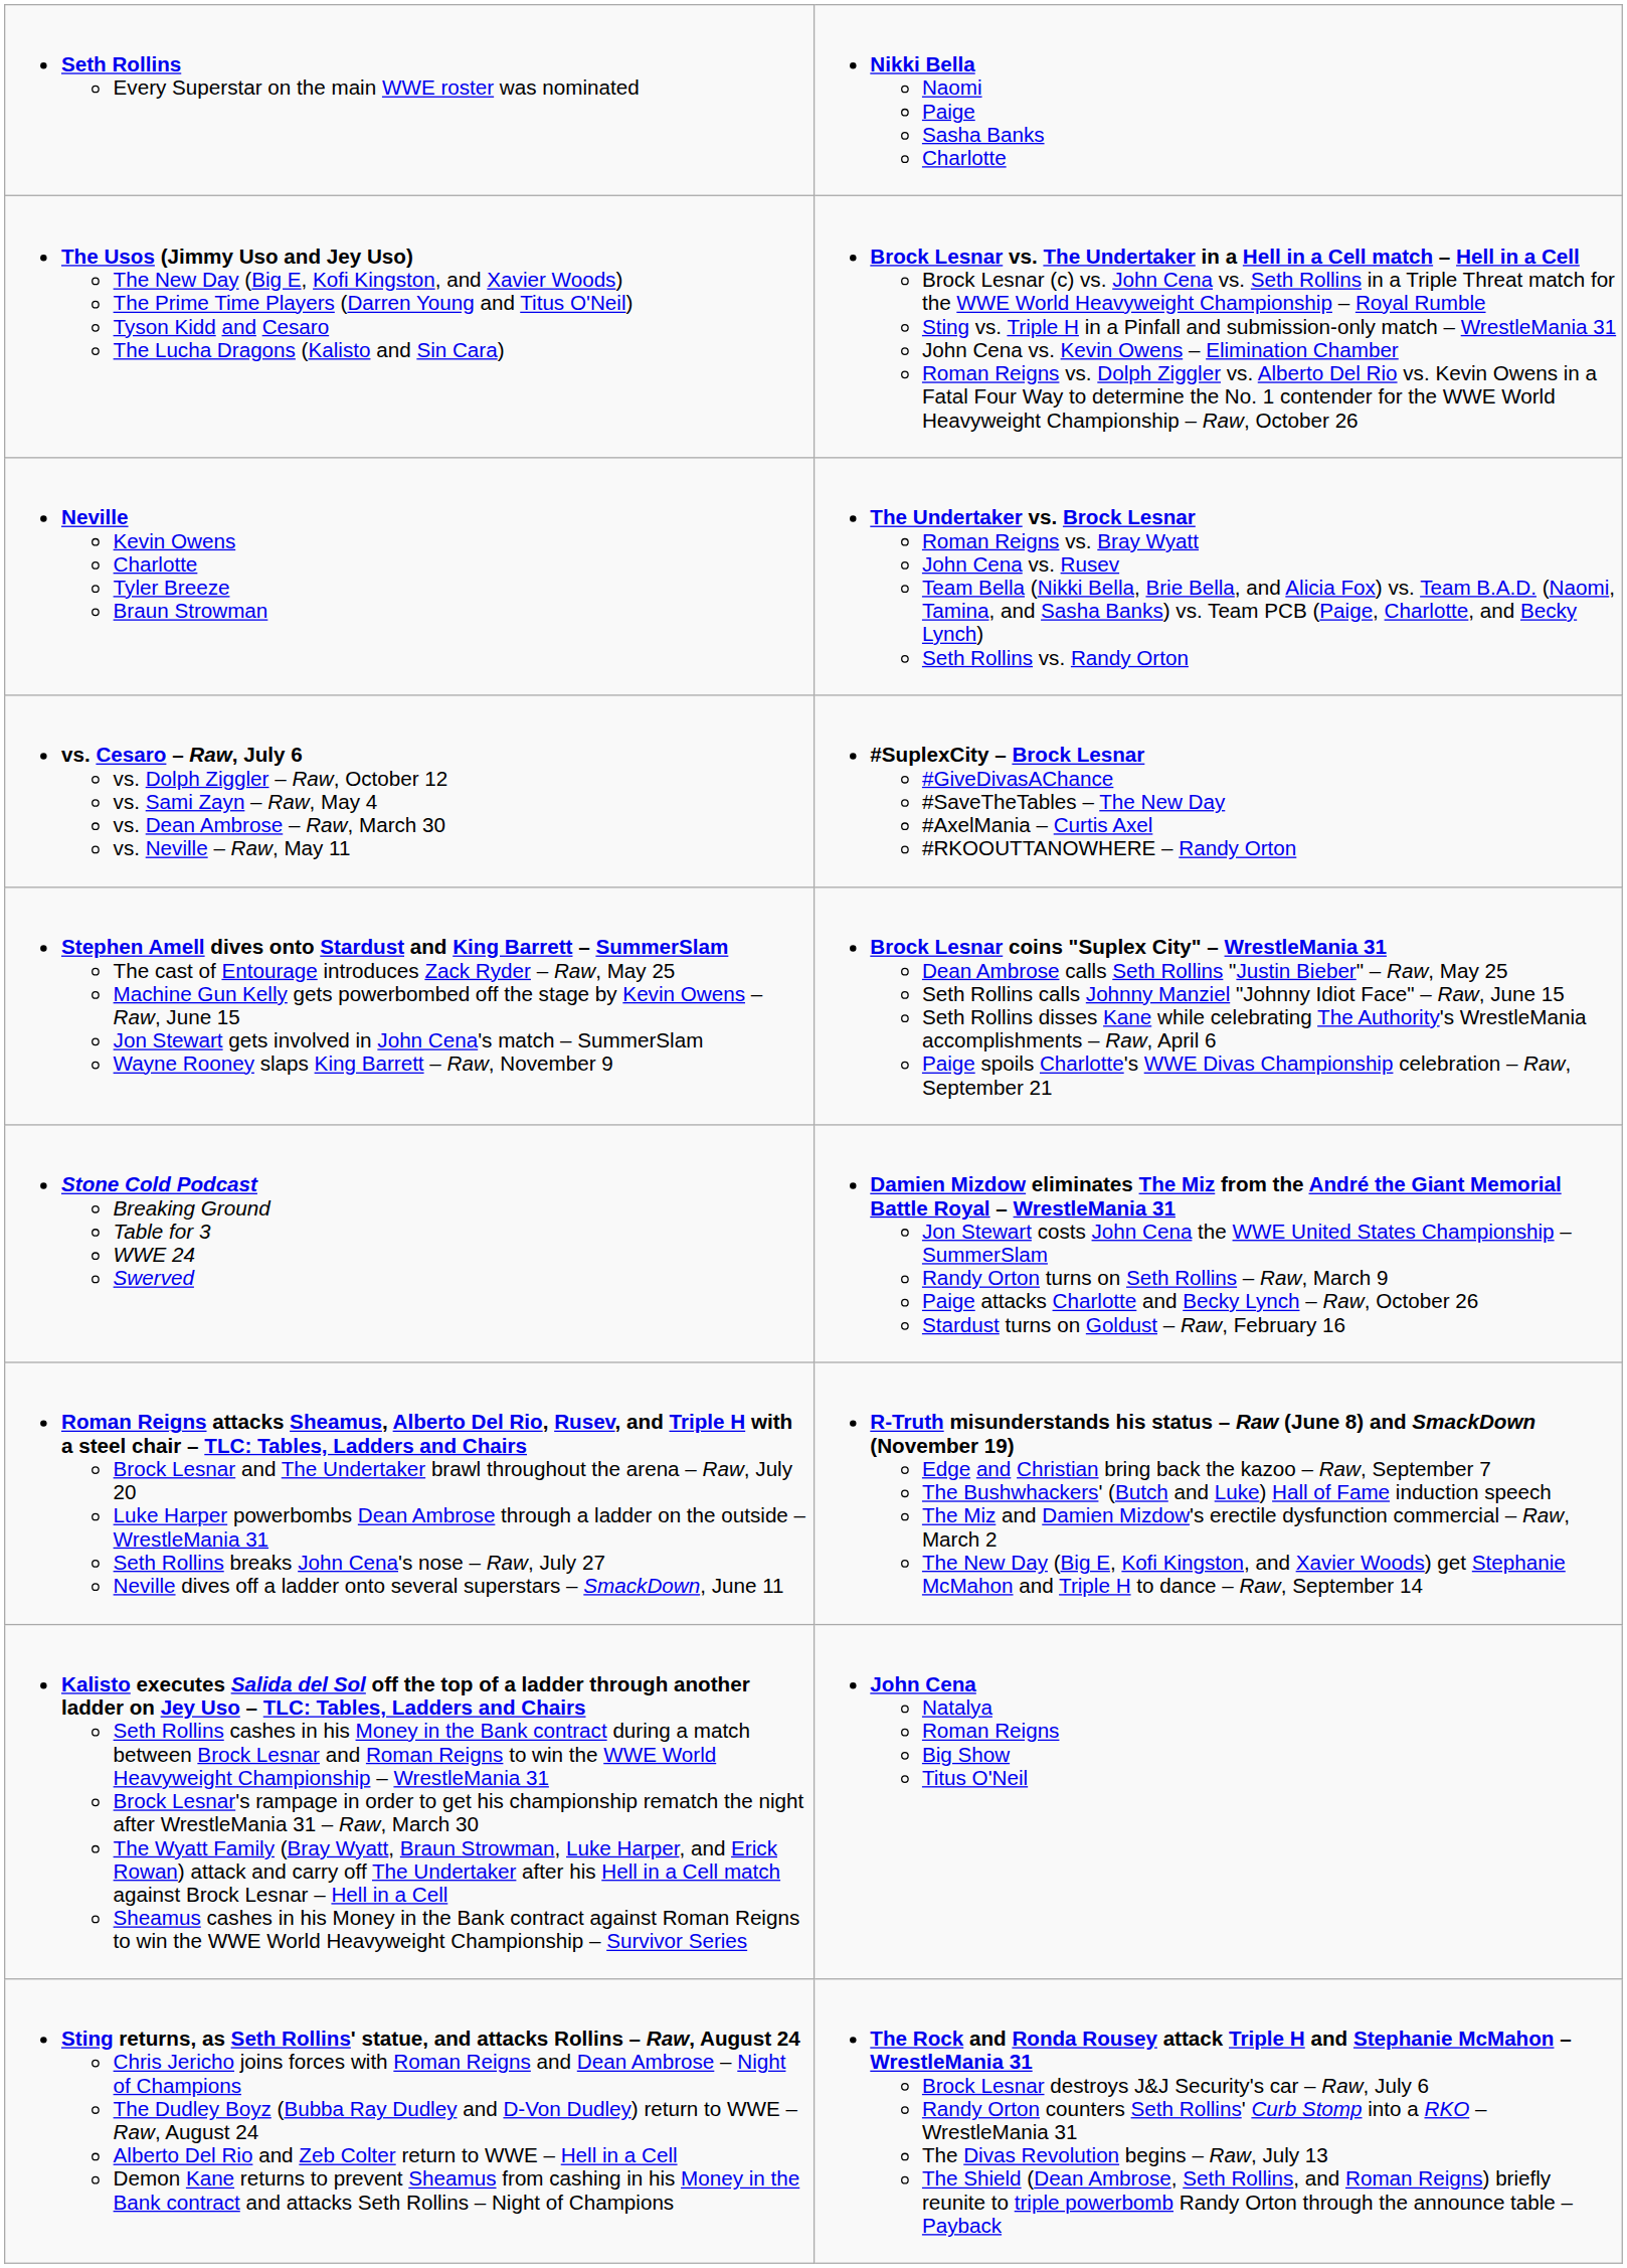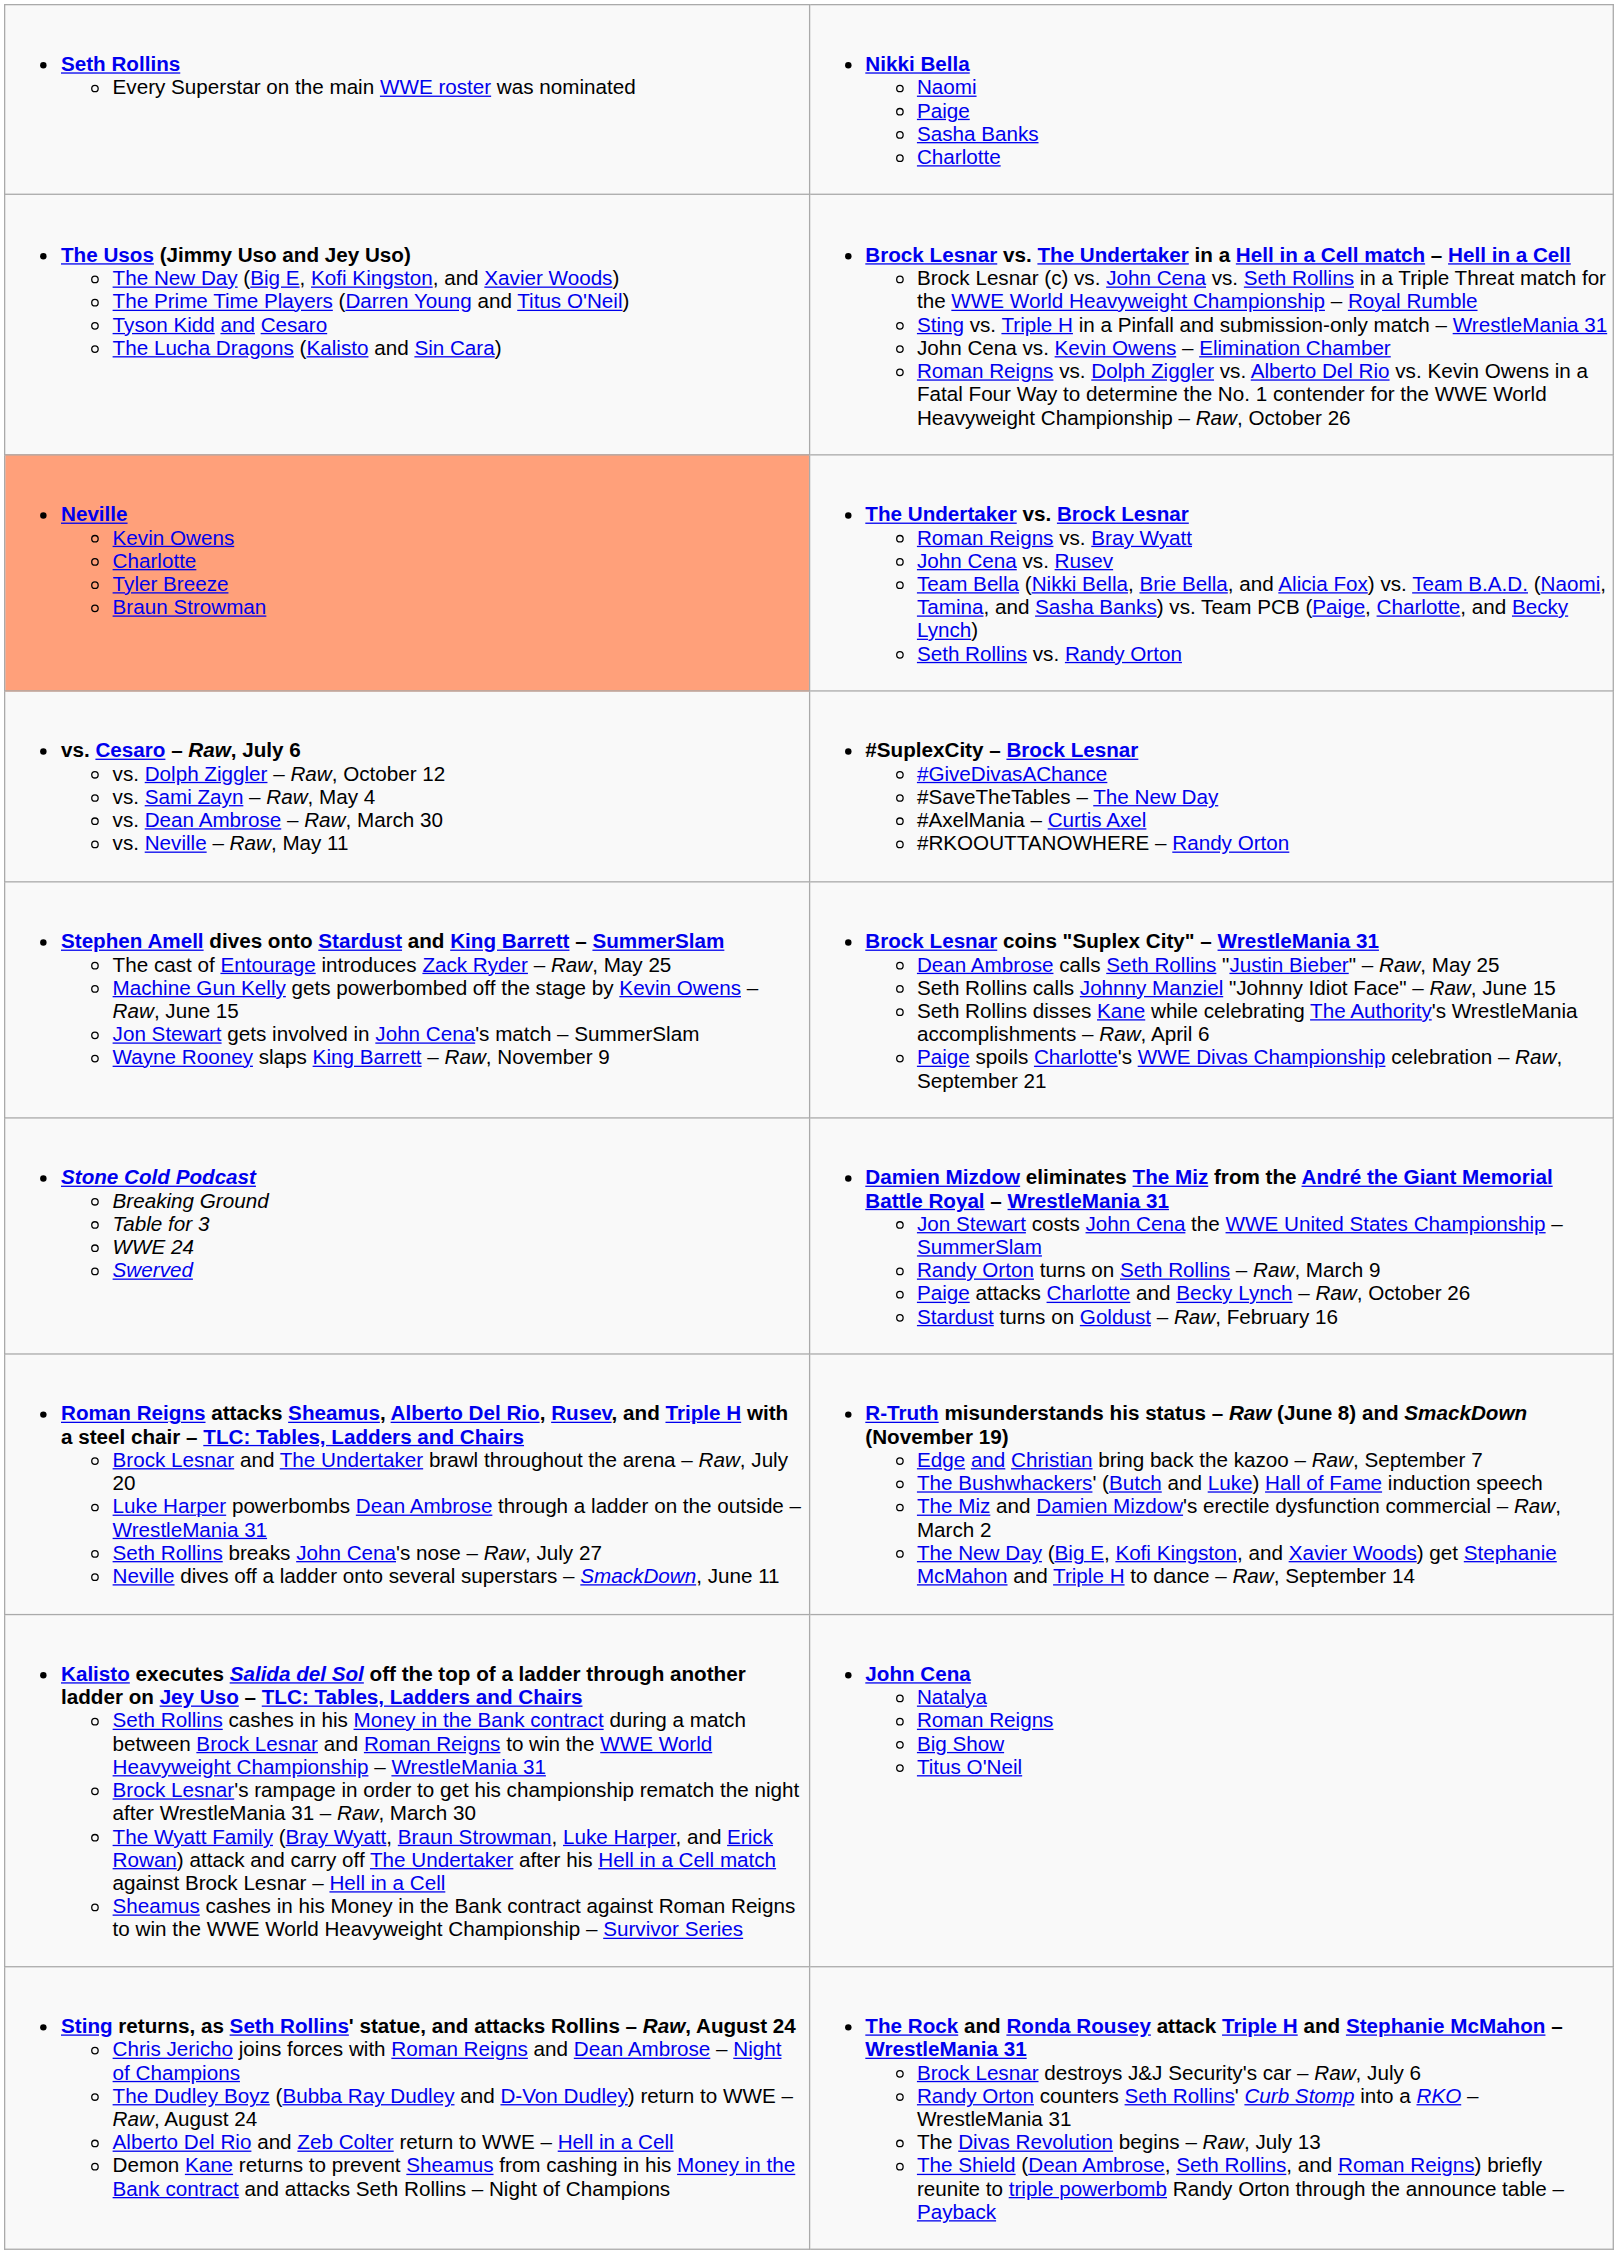 <table class=wikitable>
 <tr>
 <td style="vertical-align:top;" width="50%"><br><ul><li><strong><a href='#'>Seth Rollins</a></strong><ul><li>Every Superstar on the main <a href='#'>WWE roster</a> was nominated</li></ul></li></ul></td>
 <td style="vertical-align:top;" width="50%"><br><ul><li><strong><a href='#'>Nikki Bella</a></strong><ul><li><a href='#'>Naomi</a></li><li><a href='#'>Paige</a></li><li><a href='#'>Sasha Banks</a></li><li><a href='#'>Charlotte</a></li></ul></li></ul></td>
 </tr>
 <tr>
 <td style="vertical-align:top;" width="50%"><br><ul><li><strong><a href='#'>The Usos</a> (Jimmy Uso and Jey Uso)</strong><ul><li><a href='#'>The New Day</a> (<a href='#'>Big E</a>, <a href='#'>Kofi Kingston</a>, and <a href='#'>Xavier Woods</a>)</li><li><a href='#'>The Prime Time Players</a> (<a href='#'>Darren Young</a> and <a href='#'>Titus O'Neil</a>)</li><li><a href='#'>Tyson Kidd</a> <a href='#'>and</a> <a href='#'>Cesaro</a></li><li><a href='#'>The Lucha Dragons</a> (<a href='#'>Kalisto</a> and <a href='#'>Sin Cara</a>)</li></ul></li></ul></td>
 <td style="vertical-align:top;" width="50%"><br><ul><li><strong><a href='#'>Brock Lesnar</a> vs. <a href='#'>The Undertaker</a> in a <a href='#'>Hell in a Cell match</a> – <a href='#'>Hell in a Cell</a></strong><ul><li>Brock Lesnar (c) vs. <a href='#'>John Cena</a> vs. <a href='#'>Seth Rollins</a> in a Triple Threat match for the <a href='#'>WWE World Heavyweight Championship</a> – <a href='#'>Royal Rumble</a></li><li><a href='#'>Sting</a> vs. <a href='#'>Triple H</a> in a Pinfall and submission-only match – <a href='#'>WrestleMania 31</a></li><li>John Cena vs. <a href='#'>Kevin Owens</a> – <a href='#'>Elimination Chamber</a></li><li><a href='#'>Roman Reigns</a> vs. <a href='#'>Dolph Ziggler</a> vs. <a href='#'>Alberto Del Rio</a> vs. Kevin Owens in a Fatal Four Way to determine the No. 1 contender for the WWE World Heavyweight Championship – <em>Raw</em>, October 26</li></ul></li></ul></td>
 </tr>
 <tr>
-<td style="vertical-align:top;" width="50%"><br><ul><li><strong><a href='#'>Neville</a></strong><ul><li><a href='#'>Kevin Owens</a></li><li><a href='#'>Charlotte</a></li><li><a href='#'>Tyler Breeze</a></li><li><a href='#'>Braun Strowman</a></li></ul></li></ul></td>
+<td style="background: lightsalmon; vertical-align:top;" width="50%"><br><ul><li><strong><a href='#'>Neville</a></strong><ul><li><a href='#'>Kevin Owens</a></li><li><a href='#'>Charlotte</a></li><li><a href='#'>Tyler Breeze</a></li><li><a href='#'>Braun Strowman</a></li></ul></li></ul></td>
 <td style="vertical-align:top;" width="50%"><br><ul><li><strong><a href='#'>The Undertaker</a> vs. <a href='#'>Brock Lesnar</a></strong><ul><li><a href='#'>Roman Reigns</a> vs. <a href='#'>Bray Wyatt</a></li><li><a href='#'>John Cena</a> vs. <a href='#'>Rusev</a></li><li><a href='#'>Team Bella</a> (<a href='#'>Nikki Bella</a>, <a href='#'>Brie Bella</a>, and <a href='#'>Alicia Fox</a>) vs. <a href='#'>Team B.A.D.</a> (<a href='#'>Naomi</a>, <a href='#'>Tamina</a>, and <a href='#'>Sasha Banks</a>) vs. Team PCB (<a href='#'>Paige</a>, <a href='#'>Charlotte</a>, and <a href='#'>Becky Lynch</a>)</li><li><a href='#'>Seth Rollins</a> vs. <a href='#'>Randy Orton</a></li></ul></li></ul></td>
 </tr>
 <tr>
 <td style="vertical-align:top;" width="50%"><br><ul><li><strong>vs. <a href='#'>Cesaro</a> – <em>Raw</em>, July 6</strong><ul><li>vs. <a href='#'>Dolph Ziggler</a> – <em>Raw</em>, October 12</li><li>vs. <a href='#'>Sami Zayn</a> – <em>Raw</em>, May 4</li><li>vs. <a href='#'>Dean Ambrose</a> – <em>Raw</em>, March 30</li><li>vs. <a href='#'>Neville</a> – <em>Raw</em>, May 11</li></ul></li></ul></td>
 <td style="vertical-align:top;" width="50%"><br><ul><li><strong>#SuplexCity – <a href='#'>Brock Lesnar</a></strong><ul><li><a href='#'>#GiveDivasAChance</a></li><li>#SaveTheTables – <a href='#'>The New Day</a></li><li>#AxelMania – <a href='#'>Curtis Axel</a></li><li>#RKOOUTTANOWHERE – <a href='#'>Randy Orton</a></li></ul></li></ul></td>
 </tr>
 <tr>
 <td style="vertical-align:top;" width="50%"><br><ul><li><strong><a href='#'>Stephen Amell</a> dives onto <a href='#'>Stardust</a> and <a href='#'>King Barrett</a> – <a href='#'>SummerSlam</a></strong><ul><li>The cast of <a href='#'>Entourage</a> introduces <a href='#'>Zack Ryder</a> – <em>Raw</em>, May 25</li><li><a href='#'>Machine Gun Kelly</a> gets powerbombed off the stage by <a href='#'>Kevin Owens</a> – <em>Raw</em>, June 15</li><li><a href='#'>Jon Stewart</a> gets involved in <a href='#'>John Cena</a>'s match – SummerSlam</li><li><a href='#'>Wayne Rooney</a> slaps <a href='#'>King Barrett</a> – <em>Raw</em>, November 9</li></ul></li></ul></td>
 <td style="vertical-align:top;" width="50%"><br><ul><li><strong><a href='#'>Brock Lesnar</a> coins "Suplex City" – <a href='#'>WrestleMania 31</a></strong><ul><li><a href='#'>Dean Ambrose</a> calls <a href='#'>Seth Rollins</a> "<a href='#'>Justin Bieber</a>" – <em>Raw</em>, May 25</li><li>Seth Rollins calls <a href='#'>Johnny Manziel</a> "Johnny Idiot Face" – <em>Raw</em>, June 15</li><li>Seth Rollins disses <a href='#'>Kane</a> while celebrating <a href='#'>The Authority</a>'s WrestleMania accomplishments – <em>Raw</em>, April 6</li><li><a href='#'>Paige</a> spoils <a href='#'>Charlotte</a>'s <a href='#'>WWE Divas Championship</a> celebration – <em>Raw</em>, September 21</li></ul></li></ul></td>
 </tr>
 <tr>
 <td style="vertical-align:top;" width="50%"><br><ul><li><strong><em><a href='#'>Stone Cold Podcast</a></em></strong><ul><li><em>Breaking Ground</em></li><li><em>Table for 3</em></li><li><em>WWE 24</em></li><li><em><a href='#'>Swerved</a></em></li></ul></li></ul></td>
 <td style="vertical-align:top;" width="50%"><br><ul><li><strong><a href='#'>Damien Mizdow</a> eliminates <a href='#'>The Miz</a> from the <a href='#'>André the Giant Memorial Battle Royal</a> – <a href='#'>WrestleMania 31</a></strong><ul><li><a href='#'>Jon Stewart</a> costs <a href='#'>John Cena</a> the <a href='#'>WWE United States Championship</a> – <a href='#'>SummerSlam</a></li><li><a href='#'>Randy Orton</a> turns on <a href='#'>Seth Rollins</a> – <em>Raw</em>, March 9</li><li><a href='#'>Paige</a> attacks <a href='#'>Charlotte</a> and <a href='#'>Becky Lynch</a> – <em>Raw</em>, October 26</li><li><a href='#'>Stardust</a> turns on <a href='#'>Goldust</a> – <em>Raw</em>, February 16</li></ul></li></ul></td>
 </tr>
 <tr>
 <td style="vertical-align:top;" width="50%"><br><ul><li><strong><a href='#'>Roman Reigns</a> attacks <a href='#'>Sheamus</a>, <a href='#'>Alberto Del Rio</a>, <a href='#'>Rusev</a>, and <a href='#'>Triple H</a> with a steel chair – <a href='#'>TLC: Tables, Ladders and Chairs</a></strong><ul><li><a href='#'>Brock Lesnar</a> and <a href='#'>The Undertaker</a> brawl throughout the arena – <em>Raw</em>, July 20</li><li><a href='#'>Luke Harper</a> powerbombs <a href='#'>Dean Ambrose</a> through a ladder on the outside – <a href='#'>WrestleMania 31</a></li><li><a href='#'>Seth Rollins</a> breaks <a href='#'>John Cena</a>'s nose – <em>Raw</em>, July 27</li><li><a href='#'>Neville</a> dives off a ladder onto several superstars – <em><a href='#'>SmackDown</a></em>, June 11</li></ul></li></ul></td>
 <td style="vertical-align:top;" width="50%"><br><ul><li><strong><a href='#'>R-Truth</a> misunderstands his status – <em>Raw</em> (June 8) and <em>SmackDown</em> (November 19)</strong><ul><li><a href='#'>Edge</a> <a href='#'>and</a> <a href='#'>Christian</a> bring back the kazoo – <em>Raw</em>, September 7</li><li><a href='#'>The Bushwhackers</a>' (<a href='#'>Butch</a> and <a href='#'>Luke</a>) <a href='#'>Hall of Fame</a> induction speech</li><li><a href='#'>The Miz</a> and <a href='#'>Damien Mizdow</a>'s erectile dysfunction commercial – <em>Raw</em>, March 2</li><li><a href='#'>The New Day</a> (<a href='#'>Big E</a>, <a href='#'>Kofi Kingston</a>, and <a href='#'>Xavier Woods</a>) get <a href='#'>Stephanie McMahon</a> and <a href='#'>Triple H</a> to dance – <em>Raw</em>, September 14</li></ul></li></ul></td>
 </tr>
 <tr>
 <td style="vertical-align:top;" width="50%"><br><ul><li><strong><a href='#'>Kalisto</a> executes <em><a href='#'>Salida del Sol</a></em> off the top of a ladder through another ladder on <a href='#'>Jey Uso</a> – <a href='#'>TLC: Tables, Ladders and Chairs</a></strong><ul><li><a href='#'>Seth Rollins</a> cashes in his <a href='#'>Money in the Bank contract</a> during a match between <a href='#'>Brock Lesnar</a> and <a href='#'>Roman Reigns</a> to win the <a href='#'>WWE World Heavyweight Championship</a> – <a href='#'>WrestleMania 31</a></li><li><a href='#'>Brock Lesnar</a>'s rampage in order to get his championship rematch the night after WrestleMania 31 – <em>Raw</em>, March 30</li><li><a href='#'>The Wyatt Family</a> (<a href='#'>Bray Wyatt</a>, <a href='#'>Braun Strowman</a>, <a href='#'>Luke Harper</a>, and <a href='#'>Erick Rowan</a>) attack and carry off <a href='#'>The Undertaker</a> after his <a href='#'>Hell in a Cell match</a> against Brock Lesnar – <a href='#'>Hell in a Cell</a></li><li><a href='#'>Sheamus</a> cashes in his Money in the Bank contract against Roman Reigns to win the WWE World Heavyweight Championship – <a href='#'>Survivor Series</a></li></ul></li></ul></td>
 <td style="vertical-align:top;" width="50%"><br><ul><li><strong><a href='#'>John Cena</a></strong><ul><li><a href='#'>Natalya</a></li><li><a href='#'>Roman Reigns</a></li><li><a href='#'>Big Show</a></li><li><a href='#'>Titus O'Neil</a></li></ul></li></ul></td>
 </tr>
 <tr>
 <td style="vertical-align:top;" width="50%"><br><ul><li><strong><a href='#'>Sting</a> returns, as <a href='#'>Seth Rollins</a>' statue, and attacks Rollins – <em>Raw</em>, August 24</strong><ul><li><a href='#'>Chris Jericho</a> joins forces with <a href='#'>Roman Reigns</a> and <a href='#'>Dean Ambrose</a> – <a href='#'>Night of Champions</a></li><li><a href='#'>The Dudley Boyz</a> (<a href='#'>Bubba Ray Dudley</a> and <a href='#'>D-Von Dudley</a>) return to WWE – <em>Raw</em>, August 24</li><li><a href='#'>Alberto Del Rio</a> and <a href='#'>Zeb Colter</a> return to WWE – <a href='#'>Hell in a Cell</a></li><li>Demon <a href='#'>Kane</a> returns to prevent <a href='#'>Sheamus</a> from cashing in his <a href='#'>Money in the Bank contract</a> and attacks Seth Rollins – Night of Champions</li></ul></li></ul></td>
 <td style="vertical-align:top;" width="50%"><br><ul><li><strong><a href='#'>The Rock</a> and <a href='#'>Ronda Rousey</a> attack <a href='#'>Triple H</a> and <a href='#'>Stephanie McMahon</a> – <a href='#'>WrestleMania 31</a></strong><ul><li><a href='#'>Brock Lesnar</a> destroys J&J Security's car – <em>Raw</em>, July 6</li><li><a href='#'>Randy Orton</a> counters <a href='#'>Seth Rollins</a>' <em><a href='#'>Curb Stomp</a></em> into a <em><a href='#'>RKO</a></em> – WrestleMania 31</li><li>The <a href='#'>Divas Revolution</a> begins – <em>Raw</em>, July 13</li><li><a href='#'>The Shield</a> (<a href='#'>Dean Ambrose</a>, <a href='#'>Seth Rollins</a>, and <a href='#'>Roman Reigns</a>) briefly reunite to <a href='#'>triple powerbomb</a> Randy Orton through the announce table – <a href='#'>Payback</a></li></ul></li></ul></td>
 </tr>
 </table>
